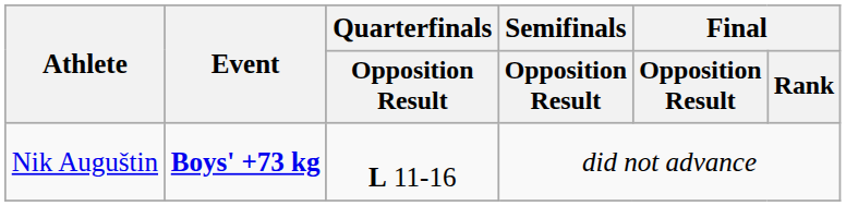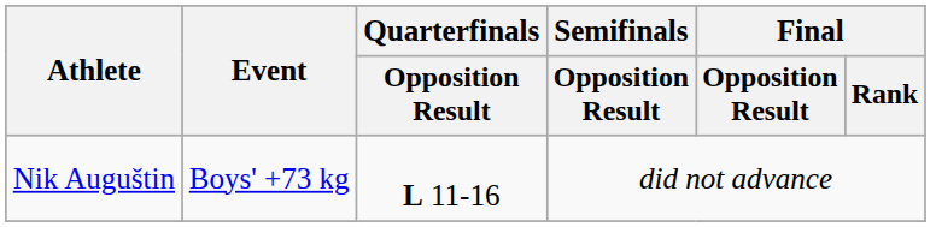 <table class="wikitable" style="font-size:90%">
 <tr>
 <th rowspan="2">Athlete</th>
 <th rowspan="2">Event</th>
 <th>Quarterfinals</th>
 <th>Semifinals</th>
 <th colspan=2>Final</th>
 </tr>
 <tr style="font-size:95%">
 <th>Opposition<br>Result</th>
 <th>Opposition<br>Result</th>
 <th>Opposition<br>Result</th>
 <th>Rank</th>
 </tr>
 <tr align=center>
 <td align=left><a href='#'>Nik Auguštin</a></td>
-<td align=left><strong><a href='#'>Boys' +73 kg</a></strong></td>
+<td align=left><a href='#'>Boys' +73 kg</a></td>
 <td> <br> <strong>L</strong> 11-16</td>
 <td Colspan=3><em>did not advance</em></td>
 </tr>
 </table>
